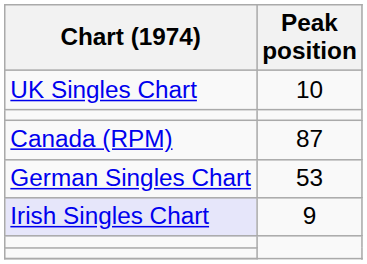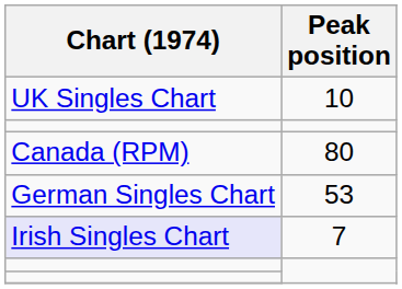 <table class="wikitable sortable">
 <tr>
 <th align="left">Chart (1974)</th>
 <th align="center">Peak<br>position</th>
 </tr>
 <tr>
 <td align="left"><a href='#'>UK Singles Chart</a></td>
 <td align="center">10</td>
 </tr>
 <tr>
 <td></td>
 </tr>
 <tr>
 <td align="left"><a href='#'>Canada (RPM)</a></td>
-<td align="center">87</td>
+<td align="center">80</td>
 </tr>
 <tr>
 <td align="left"><a href='#'>German Singles Chart</a></td>
 <td align="center">53</td>
 </tr>
 <tr>
 <td align="left" style="background: lavender;"><a href='#'>Irish Singles Chart</a></td>
-<td align="center">9</td>
+<td align="center">7</td>
 </tr>
 <tr>
 <td></td>
 </tr>
 <tr>
 <td></td>
 </tr>
 <tr>
 </tr>
 </table>
